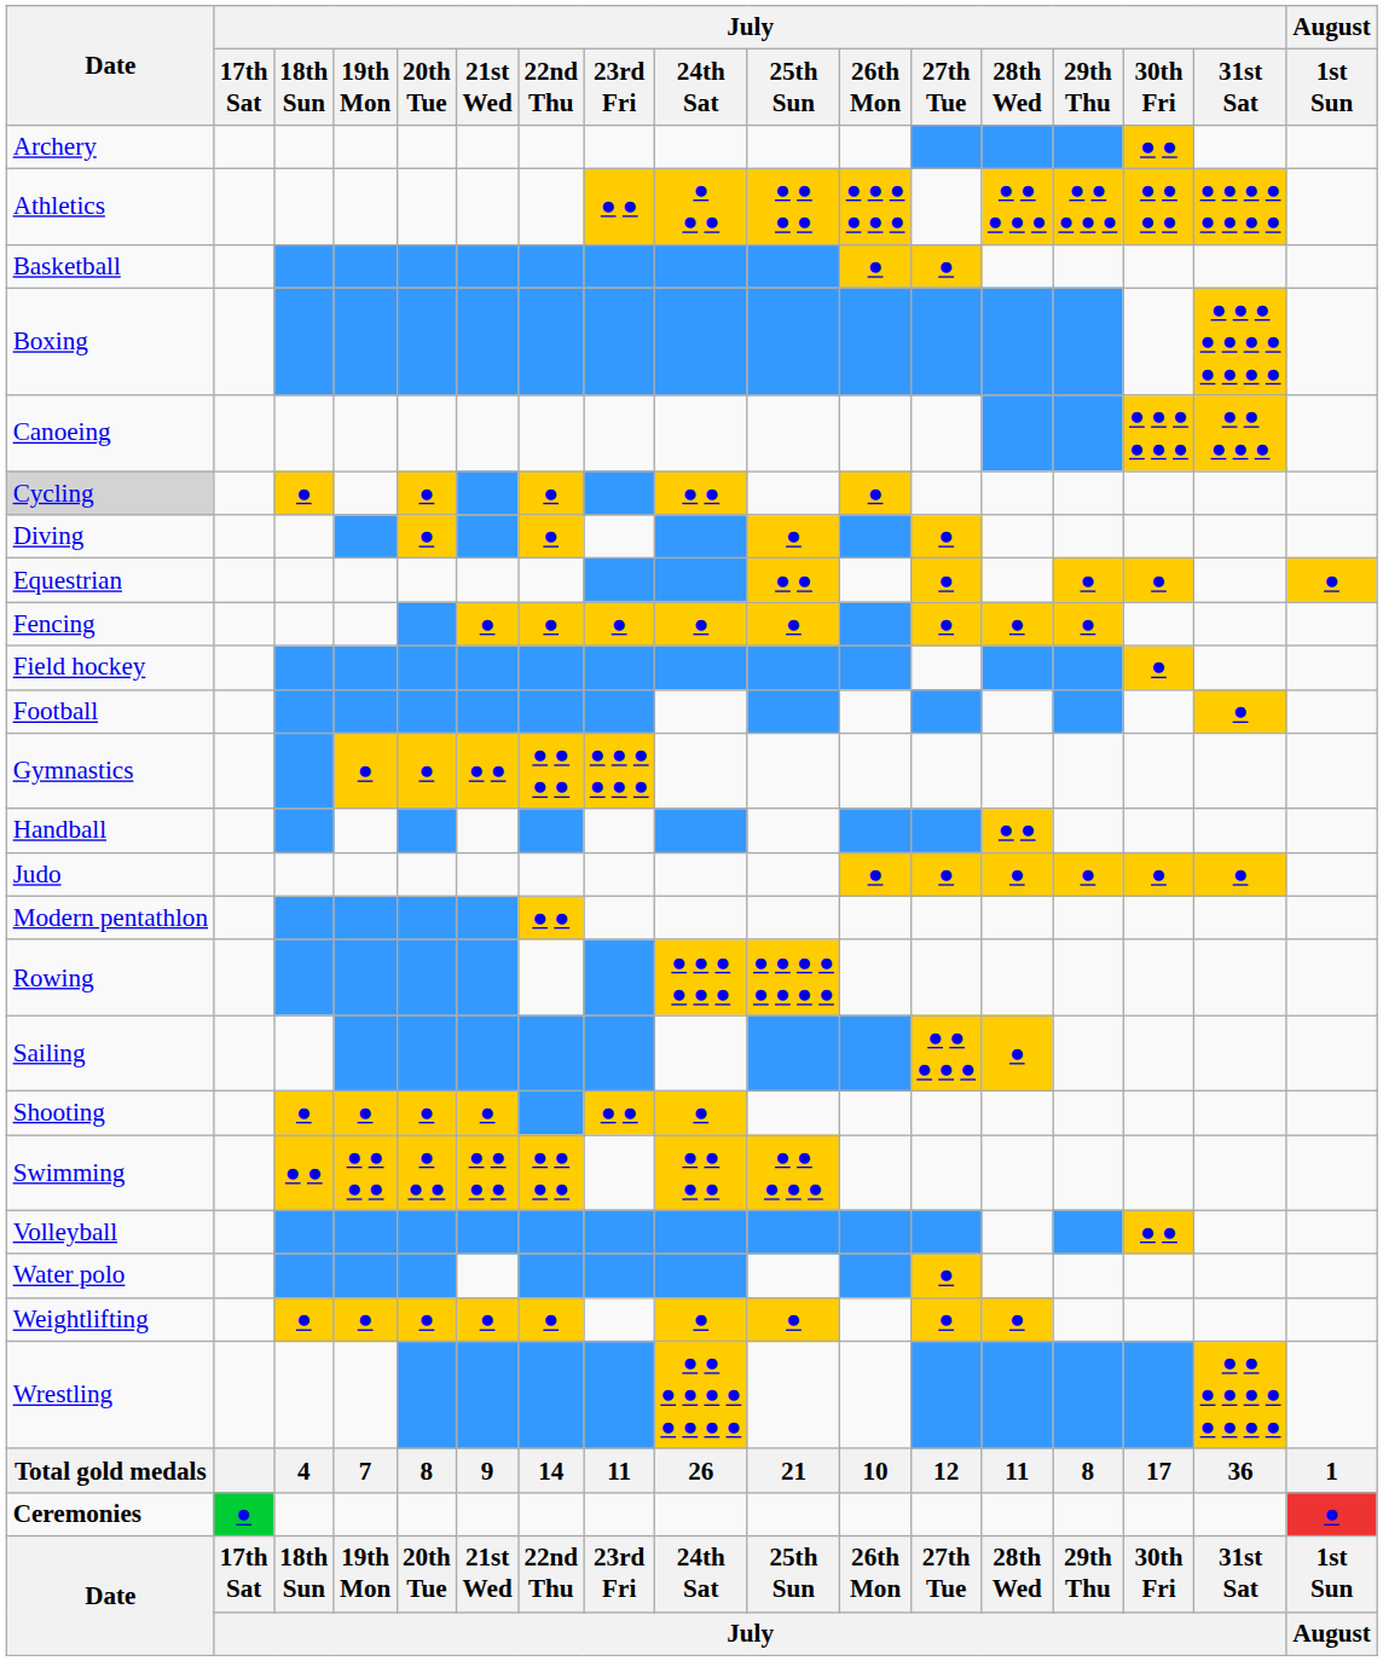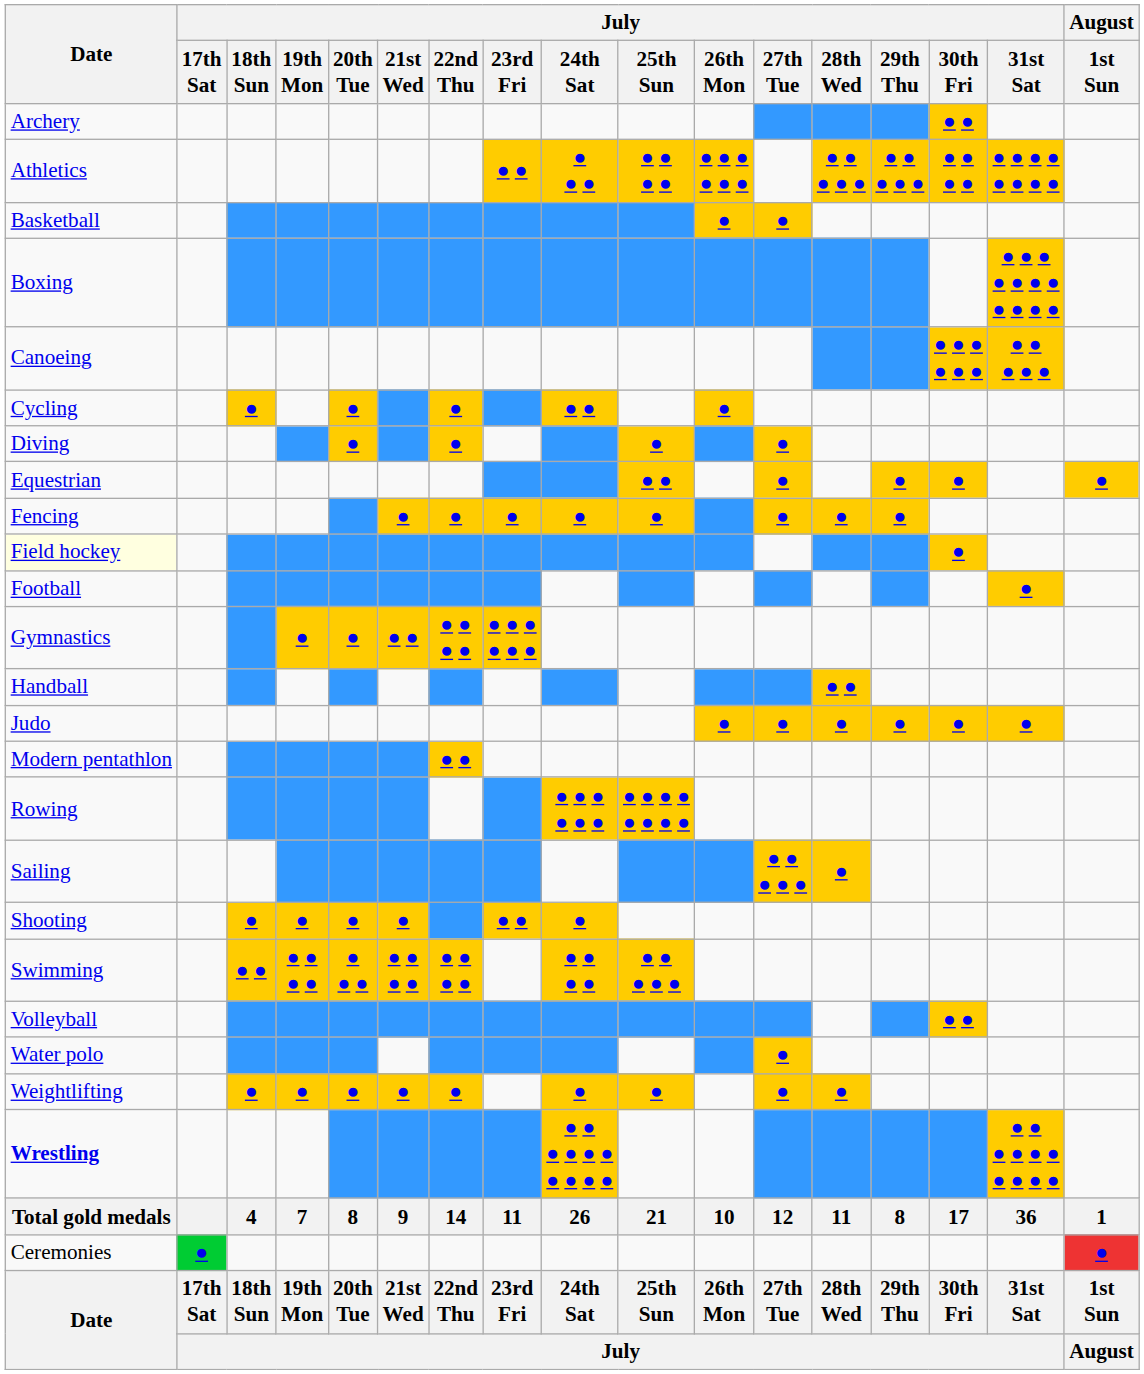 <table class="wikitable" style="margin:0.5em auto; line-height:1.25em;">
 <tr>
 <th rowspan=2>Date</th>
 <th colspan=15>July</th>
 <th>August</th>
 </tr>
 <tr>
 <th>17th<br>Sat</th>
 <th>18th<br>Sun</th>
 <th>19th<br>Mon</th>
 <th>20th<br>Tue</th>
 <th>21st<br>Wed</th>
 <th>22nd<br>Thu</th>
 <th>23rd<br>Fri</th>
 <th>24th<br>Sat</th>
 <th>25th<br>Sun</th>
 <th>26th<br>Mon</th>
 <th>27th<br>Tue</th>
 <th>28th<br>Wed</th>
 <th>29th<br>Thu</th>
 <th>30th<br>Fri</th>
 <th>31st<br>Sat</th>
 <th>1st<br>Sun</th>
 </tr>
 <tr align="center">
 <td align="left"><a href='#'>Archery</a></td>
 <td></td>
 <td></td>
 <td></td>
 <td></td>
 <td></td>
 <td></td>
 <td></td>
 <td></td>
 <td></td>
 <td></td>
 <td bgcolor=#3399ff></td>
 <td bgcolor=#3399ff></td>
 <td bgcolor=#3399ff></td>
 <td bgcolor=#ffcc00><a href='#'>●</a> <a href='#'>●</a></td>
 <td></td>
 <td></td>
 </tr>
 <tr align="center">
 <td align="left"><a href='#'>Athletics</a></td>
 <td></td>
 <td></td>
 <td></td>
 <td></td>
 <td></td>
 <td></td>
 <td bgcolor=#ffcc00><a href='#'>●</a> <a href='#'>●</a></td>
 <td bgcolor=#ffcc00><span><a href='#'>●</a><br><a href='#'>●</a> <a href='#'>●</a></span></td>
 <td bgcolor=#ffcc00><span><a href='#'>●</a> <a href='#'>●</a><br><a href='#'>●</a> <a href='#'>●</a></span></td>
 <td bgcolor=#ffcc00><span><a href='#'>●</a> <a href='#'>●</a> <a href='#'>●</a><br><a href='#'>●</a> <a href='#'>●</a> <a href='#'>●</a></span></td>
 <td></td>
 <td bgcolor=#ffcc00><span><a href='#'>●</a> <a href='#'>●</a><br><a href='#'>●</a> <a href='#'>●</a> <a href='#'>●</a></span></td>
 <td bgcolor=#ffcc00><span><a href='#'>●</a> <a href='#'>●</a><br><a href='#'>●</a> <a href='#'>●</a> <a href='#'>●</a></span></td>
 <td bgcolor=#ffcc00><span><a href='#'>●</a> <a href='#'>●</a><br><a href='#'>●</a> <a href='#'>●</a></span></td>
 <td bgcolor=#ffcc00><span><a href='#'>●</a> <a href='#'>●</a> <a href='#'>●</a> <a href='#'>●</a><br><a href='#'>●</a> <a href='#'>●</a> <a href='#'>●</a> <a href='#'>●</a></span></td>
 <td></td>
 </tr>
 <tr align="center">
 <td align="left"><a href='#'>Basketball</a></td>
 <td></td>
 <td bgcolor=#3399ff></td>
 <td bgcolor=#3399ff></td>
 <td bgcolor=#3399ff></td>
 <td bgcolor=#3399ff></td>
 <td bgcolor=#3399ff></td>
 <td bgcolor=#3399ff></td>
 <td bgcolor=#3399ff></td>
 <td bgcolor=#3399ff></td>
 <td bgcolor=#ffcc00><a href='#'>●</a></td>
 <td bgcolor=#ffcc00><a href='#'>●</a></td>
 <td></td>
 <td></td>
 <td></td>
 <td></td>
 <td></td>
 </tr>
 <tr align="center">
 <td align="left"><a href='#'>Boxing</a></td>
 <td></td>
 <td bgcolor=#3399ff></td>
 <td bgcolor=#3399ff></td>
 <td bgcolor=#3399ff></td>
 <td bgcolor=#3399ff></td>
 <td bgcolor=#3399ff></td>
 <td bgcolor=#3399ff></td>
 <td bgcolor=#3399ff></td>
 <td bgcolor=#3399ff></td>
 <td bgcolor=#3399ff></td>
 <td bgcolor=#3399ff></td>
 <td bgcolor=#3399ff></td>
 <td bgcolor=#3399ff></td>
 <td></td>
 <td bgcolor=#ffcc00><span><a href='#'>●</a> <a href='#'>●</a> <a href='#'>●</a><br><a href='#'>●</a> <a href='#'>●</a> <a href='#'>●</a> <a href='#'>●</a><br><a href='#'>●</a> <a href='#'>●</a> <a href='#'>●</a> <a href='#'>●</a></span></td>
 <td></td>
 </tr>
 <tr align="center">
 <td align="left"><a href='#'>Canoeing</a></td>
 <td></td>
 <td></td>
 <td></td>
 <td></td>
 <td></td>
 <td></td>
 <td></td>
 <td></td>
 <td></td>
 <td></td>
 <td></td>
 <td bgcolor=#3399ff></td>
 <td bgcolor=#3399ff></td>
 <td bgcolor=#ffcc00><span><a href='#'>●</a> <a href='#'>●</a> <a href='#'>●</a><br><a href='#'>●</a> <a href='#'>●</a> <a href='#'>●</a></span></td>
 <td bgcolor=#ffcc00><span><a href='#'>●</a> <a href='#'>●</a><br><a href='#'>●</a> <a href='#'>●</a> <a href='#'>●</a></span></td>
 <td></td>
 </tr>
 <tr align="center">
-<td align="left" style="background: lightgrey;"><a href='#'>Cycling</a></td>
+<td align="left"><a href='#'>Cycling</a></td>
 <td></td>
 <td bgcolor=#ffcc00><a href='#'>●</a></td>
 <td></td>
 <td bgcolor=#ffcc00><a href='#'>●</a></td>
 <td bgcolor=#3399ff></td>
 <td bgcolor=#ffcc00><a href='#'>●</a></td>
 <td bgcolor=#3399ff></td>
 <td bgcolor=#ffcc00><a href='#'>●</a> <a href='#'>●</a></td>
 <td></td>
 <td bgcolor=#ffcc00><a href='#'>●</a></td>
 <td></td>
 <td></td>
 <td></td>
 <td></td>
 <td></td>
 <td></td>
 </tr>
 <tr align="center">
 <td align="left"><a href='#'>Diving</a></td>
 <td></td>
 <td></td>
 <td bgcolor=#3399ff></td>
 <td bgcolor=#ffcc00><a href='#'>●</a></td>
 <td bgcolor=#3399ff></td>
 <td bgcolor=#ffcc00><a href='#'>●</a></td>
 <td></td>
 <td bgcolor=#3399ff></td>
 <td bgcolor=#ffcc00><a href='#'>●</a></td>
 <td bgcolor=#3399ff></td>
 <td bgcolor=#ffcc00><a href='#'>●</a></td>
 <td></td>
 <td></td>
 <td></td>
 <td></td>
 <td></td>
 </tr>
 <tr align="center">
 <td align="left"><a href='#'>Equestrian</a></td>
 <td></td>
 <td></td>
 <td></td>
 <td></td>
 <td></td>
 <td></td>
 <td bgcolor=#3399ff></td>
 <td bgcolor=#3399ff></td>
 <td bgcolor=#ffcc00><a href='#'>●</a> <a href='#'>●</a></td>
 <td></td>
 <td bgcolor=#ffcc00><a href='#'>●</a></td>
 <td></td>
 <td bgcolor=#ffcc00><a href='#'>●</a></td>
 <td bgcolor=#ffcc00><a href='#'>●</a></td>
 <td></td>
 <td bgcolor=#ffcc00><a href='#'>●</a></td>
 </tr>
 <tr align="center">
 <td align="left"><a href='#'>Fencing</a></td>
 <td></td>
 <td></td>
 <td></td>
 <td bgcolor=#3399ff></td>
 <td bgcolor=#ffcc00><a href='#'>●</a></td>
 <td bgcolor=#ffcc00><a href='#'>●</a></td>
 <td bgcolor=#ffcc00><a href='#'>●</a></td>
 <td bgcolor=#ffcc00><a href='#'>●</a></td>
 <td bgcolor=#ffcc00><a href='#'>●</a></td>
 <td bgcolor=#3399ff></td>
 <td bgcolor=#ffcc00><a href='#'>●</a></td>
 <td bgcolor=#ffcc00><a href='#'>●</a></td>
 <td bgcolor=#ffcc00><a href='#'>●</a></td>
 <td></td>
 <td></td>
 <td></td>
 </tr>
 <tr align="center">
-<td align="left"><a href='#'>Field hockey</a></td>
+<td align="left" style="background: lightyellow;"><a href='#'>Field hockey</a></td>
 <td></td>
 <td bgcolor=#3399ff></td>
 <td bgcolor=#3399ff></td>
 <td bgcolor=#3399ff></td>
 <td bgcolor=#3399ff></td>
 <td bgcolor=#3399ff></td>
 <td bgcolor=#3399ff></td>
 <td bgcolor=#3399ff></td>
 <td bgcolor=#3399ff></td>
 <td bgcolor=#3399ff></td>
 <td></td>
 <td bgcolor=#3399ff></td>
 <td bgcolor=#3399ff></td>
 <td bgcolor=#ffcc00><a href='#'>●</a></td>
 <td></td>
 <td></td>
 </tr>
 <tr align="center">
 <td align="left"><a href='#'>Football</a></td>
 <td></td>
 <td bgcolor=#3399ff></td>
 <td bgcolor=#3399ff></td>
 <td bgcolor=#3399ff></td>
 <td bgcolor=#3399ff></td>
 <td bgcolor=#3399ff></td>
 <td bgcolor=#3399ff></td>
 <td></td>
 <td bgcolor=#3399ff></td>
 <td></td>
 <td bgcolor=#3399ff></td>
 <td></td>
 <td bgcolor=#3399ff></td>
 <td></td>
 <td bgcolor=#ffcc00><a href='#'>●</a></td>
 <td></td>
 </tr>
 <tr align="center">
 <td align="left"><a href='#'>Gymnastics</a></td>
 <td></td>
 <td bgcolor=#3399ff></td>
 <td bgcolor=#ffcc00><a href='#'>●</a></td>
 <td bgcolor=#ffcc00><a href='#'>●</a></td>
 <td bgcolor=#ffcc00><a href='#'>●</a> <a href='#'>●</a></td>
 <td bgcolor=#ffcc00><span><a href='#'>●</a> <a href='#'>●</a><br><a href='#'>●</a> <a href='#'>●</a></span></td>
 <td bgcolor=#ffcc00><span><a href='#'>●</a> <a href='#'>●</a> <a href='#'>●</a><br><a href='#'>●</a> <a href='#'>●</a> <a href='#'>●</a></span></td>
 <td></td>
 <td></td>
 <td></td>
 <td></td>
 <td></td>
 <td></td>
 <td></td>
 <td></td>
 <td></td>
 </tr>
 <tr align="center">
 <td align="left"><a href='#'>Handball</a></td>
 <td></td>
 <td bgcolor=#3399ff></td>
 <td></td>
 <td bgcolor=#3399ff></td>
 <td></td>
 <td bgcolor=#3399ff></td>
 <td></td>
 <td bgcolor=#3399ff></td>
 <td></td>
 <td bgcolor=#3399ff></td>
 <td bgcolor=#3399ff></td>
 <td bgcolor=#ffcc00><a href='#'>●</a> <a href='#'>●</a></td>
 <td></td>
 <td></td>
 <td></td>
 <td></td>
 </tr>
 <tr align="center">
 <td align="left"><a href='#'>Judo</a></td>
 <td></td>
 <td></td>
 <td></td>
 <td></td>
 <td></td>
 <td></td>
 <td></td>
 <td></td>
 <td></td>
 <td bgcolor=#ffcc00><a href='#'>●</a></td>
 <td bgcolor=#ffcc00><a href='#'>●</a></td>
 <td bgcolor=#ffcc00><a href='#'>●</a></td>
 <td bgcolor=#ffcc00><a href='#'>●</a></td>
 <td bgcolor=#ffcc00><a href='#'>●</a></td>
 <td bgcolor=#ffcc00><a href='#'>●</a></td>
 <td></td>
 </tr>
 <tr align="center">
 <td align="left"><a href='#'>Modern pentathlon</a></td>
 <td></td>
 <td bgcolor=#3399ff></td>
 <td bgcolor=#3399ff></td>
 <td bgcolor=#3399ff></td>
 <td bgcolor=#3399ff></td>
 <td bgcolor=#ffcc00><a href='#'>●</a> <a href='#'>●</a></td>
 <td></td>
 <td></td>
 <td></td>
 <td></td>
 <td></td>
 <td></td>
 <td></td>
 <td></td>
 <td></td>
 <td></td>
 </tr>
 <tr align="center">
 <td align="left"><a href='#'>Rowing</a></td>
 <td></td>
 <td bgcolor=#3399ff></td>
 <td bgcolor=#3399ff></td>
 <td bgcolor=#3399ff></td>
 <td bgcolor=#3399ff></td>
 <td></td>
 <td bgcolor=#3399ff></td>
 <td bgcolor=#ffcc00><span><a href='#'>●</a> <a href='#'>●</a> <a href='#'>●</a><br><a href='#'>●</a> <a href='#'>●</a> <a href='#'>●</a></span></td>
 <td bgcolor=#ffcc00><span><a href='#'>●</a> <a href='#'>●</a> <a href='#'>●</a> <a href='#'>●</a><br><a href='#'>●</a> <a href='#'>●</a> <a href='#'>●</a> <a href='#'>●</a></span></td>
 <td></td>
 <td></td>
 <td></td>
 <td></td>
 <td></td>
 <td></td>
 <td></td>
 </tr>
 <tr align="center">
 <td align="left"><a href='#'>Sailing</a></td>
 <td></td>
 <td></td>
 <td bgcolor=#3399ff></td>
 <td bgcolor=#3399ff></td>
 <td bgcolor=#3399ff></td>
 <td bgcolor=#3399ff></td>
 <td bgcolor=#3399ff></td>
 <td></td>
 <td bgcolor=#3399ff></td>
 <td bgcolor=#3399ff></td>
 <td bgcolor=#ffcc00><span><a href='#'>●</a> <a href='#'>●</a><br><a href='#'>●</a> <a href='#'>●</a> <a href='#'>●</a></span></td>
 <td bgcolor=#ffcc00><a href='#'>●</a></td>
 <td></td>
 <td></td>
 <td></td>
 <td></td>
 </tr>
 <tr align="center">
 <td align="left"><a href='#'>Shooting</a></td>
 <td></td>
 <td bgcolor=#ffcc00><a href='#'>●</a></td>
 <td bgcolor=#ffcc00><a href='#'>●</a></td>
 <td bgcolor=#ffcc00><a href='#'>●</a></td>
 <td bgcolor=#ffcc00><a href='#'>●</a></td>
 <td bgcolor=#3399ff></td>
 <td bgcolor=#ffcc00><a href='#'>●</a> <a href='#'>●</a></td>
 <td bgcolor=#ffcc00><a href='#'>●</a></td>
 <td></td>
 <td></td>
 <td></td>
 <td></td>
 <td></td>
 <td></td>
 <td></td>
 <td></td>
 </tr>
 <tr align="center">
 <td align="left"><a href='#'>Swimming</a></td>
 <td></td>
 <td bgcolor=#ffcc00><a href='#'>●</a> <a href='#'>●</a></td>
 <td bgcolor=#ffcc00><span><a href='#'>●</a> <a href='#'>●</a><br><a href='#'>●</a> <a href='#'>●</a></span></td>
 <td bgcolor=#ffcc00><span><a href='#'>●</a><br><a href='#'>●</a> <a href='#'>●</a></span></td>
 <td bgcolor=#ffcc00><span><a href='#'>●</a> <a href='#'>●</a><br><a href='#'>●</a> <a href='#'>●</a></span></td>
 <td bgcolor=#ffcc00><span><a href='#'>●</a> <a href='#'>●</a><br><a href='#'>●</a> <a href='#'>●</a></span></td>
 <td></td>
 <td bgcolor=#ffcc00><span><a href='#'>●</a> <a href='#'>●</a><br><a href='#'>●</a> <a href='#'>●</a></span></td>
 <td bgcolor=#ffcc00><span><a href='#'>●</a> <a href='#'>●</a><br><a href='#'>●</a> <a href='#'>●</a> <a href='#'>●</a></span></td>
 <td></td>
 <td></td>
 <td></td>
 <td></td>
 <td></td>
 <td></td>
 <td></td>
 </tr>
 <tr align="center">
 <td align="left"><a href='#'>Volleyball</a></td>
 <td></td>
 <td bgcolor=#3399ff></td>
 <td bgcolor=#3399ff></td>
 <td bgcolor=#3399ff></td>
 <td bgcolor=#3399ff></td>
 <td bgcolor=#3399ff></td>
 <td bgcolor=#3399ff></td>
 <td bgcolor=#3399ff></td>
 <td bgcolor=#3399ff></td>
 <td bgcolor=#3399ff></td>
 <td bgcolor=#3399ff></td>
 <td></td>
 <td bgcolor=#3399ff></td>
 <td bgcolor=#ffcc00><a href='#'>●</a> <a href='#'>●</a></td>
 <td></td>
 <td></td>
 </tr>
 <tr align="center">
 <td align="left"><a href='#'>Water polo</a></td>
 <td></td>
 <td bgcolor=#3399ff></td>
 <td bgcolor=#3399ff></td>
 <td bgcolor=#3399ff></td>
 <td></td>
 <td bgcolor=#3399ff></td>
 <td bgcolor=#3399ff></td>
 <td bgcolor=#3399ff></td>
 <td></td>
 <td bgcolor=#3399ff></td>
 <td bgcolor=#ffcc00><a href='#'>●</a></td>
 <td></td>
 <td></td>
 <td></td>
 <td></td>
 <td></td>
 </tr>
 <tr align="center">
 <td align="left"><a href='#'>Weightlifting</a></td>
 <td></td>
 <td bgcolor=#ffcc00><a href='#'>●</a></td>
 <td bgcolor=#ffcc00><a href='#'>●</a></td>
 <td bgcolor=#ffcc00><a href='#'>●</a></td>
 <td bgcolor=#ffcc00><a href='#'>●</a></td>
 <td bgcolor=#ffcc00><a href='#'>●</a></td>
 <td></td>
 <td bgcolor=#ffcc00><a href='#'>●</a></td>
 <td bgcolor=#ffcc00><a href='#'>●</a></td>
 <td></td>
 <td bgcolor=#ffcc00><a href='#'>●</a></td>
 <td bgcolor=#ffcc00><a href='#'>●</a></td>
 <td></td>
 <td></td>
 <td></td>
 <td></td>
 </tr>
 <tr align="center">
-<td align="left"><a href='#'>Wrestling</a></td>
+<td align="left"><strong><a href='#'>Wrestling</a></strong></td>
 <td></td>
 <td></td>
 <td></td>
 <td bgcolor=#3399ff></td>
 <td bgcolor=#3399ff></td>
 <td bgcolor=#3399ff></td>
 <td bgcolor=#3399ff></td>
 <td bgcolor=#ffcc00><span><a href='#'>●</a> <a href='#'>●</a><br><a href='#'>●</a> <a href='#'>●</a> <a href='#'>●</a> <a href='#'>●</a><br><a href='#'>●</a> <a href='#'>●</a> <a href='#'>●</a> <a href='#'>●</a></span></td>
 <td></td>
 <td></td>
 <td bgcolor=#3399ff></td>
 <td bgcolor=#3399ff></td>
 <td bgcolor=#3399ff></td>
 <td bgcolor=#3399ff></td>
 <td bgcolor=#ffcc00><span><a href='#'>●</a> <a href='#'>●</a><br><a href='#'>●</a> <a href='#'>●</a> <a href='#'>●</a> <a href='#'>●</a><br><a href='#'>●</a> <a href='#'>●</a> <a href='#'>●</a> <a href='#'>●</a></span></td>
 <td></td>
 </tr>
 <tr>
 <th>Total gold medals</th>
 <th></th>
 <th>4</th>
 <th>7</th>
 <th>8</th>
 <th>9</th>
 <th>14</th>
 <th>11</th>
 <th>26</th>
 <th>21</th>
 <th>10</th>
 <th>12</th>
 <th>11</th>
 <th>8</th>
 <th>17</th>
 <th>36</th>
 <th>1</th>
 </tr>
 <tr>
-<td><strong>Ceremonies</strong></td>
+<td>Ceremonies</td>
 <td bgcolor=#00cc33 align=center><a href='#'>●</a></td>
 <td></td>
 <td></td>
 <td></td>
 <td></td>
 <td></td>
 <td></td>
 <td></td>
 <td></td>
 <td></td>
 <td></td>
 <td></td>
 <td></td>
 <td></td>
 <td></td>
 <td bgcolor=#ee3333 align=center><a href='#'>●</a></td>
 </tr>
 <tr>
 <th rowspan=2>Date</th>
 <th>17th<br>Sat</th>
 <th>18th<br>Sun</th>
 <th>19th<br>Mon</th>
 <th>20th<br>Tue</th>
 <th>21st<br>Wed</th>
 <th>22nd<br>Thu</th>
 <th>23rd<br>Fri</th>
 <th>24th<br>Sat</th>
 <th>25th<br>Sun</th>
 <th>26th<br>Mon</th>
 <th>27th<br>Tue</th>
 <th>28th<br>Wed</th>
 <th>29th<br>Thu</th>
 <th>30th<br>Fri</th>
 <th>31st<br>Sat</th>
 <th>1st<br>Sun</th>
 </tr>
 <tr>
 <th colspan=15>July</th>
 <th>August</th>
 </tr>
 </table>
